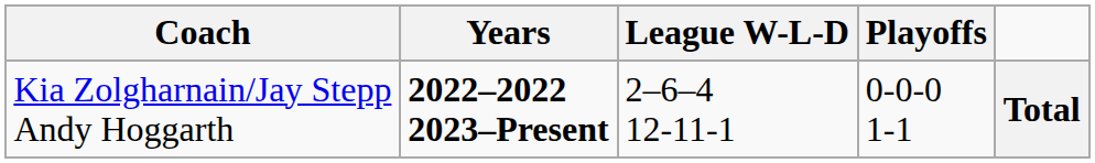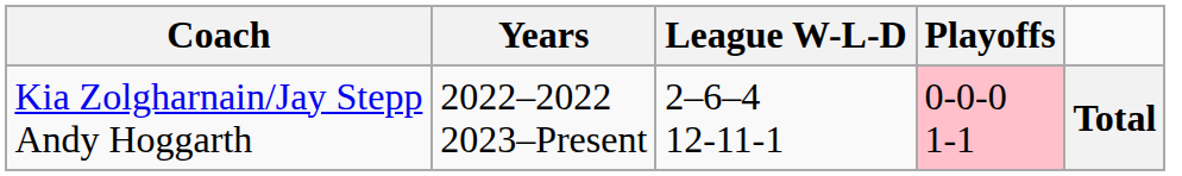 <table class="wikitable">
 <tr>
 <th>Coach</th>
 <th>Years</th>
 <th>League W-L-D</th>
 <th>Playoffs</th>
 </tr>
 <tr>
 <td><a href='#'>Kia Zolgharnain/Jay Stepp</a><br>Andy Hoggarth</td>
-<td><strong>2022–2022<br>2023–Present</strong></td>
+<td>2022–2022<br>2023–Present</td>
 <td>2–6–4<br>12-11-1</td>
-<td>0-0-0<br>1-1</td>
+<td style="background: pink;">0-0-0<br>1-1</td>
 <th align="center" rowSpan="1" colSpan="3">Total</th>
 </tr>
 </table>
